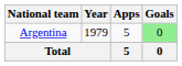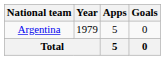 <table class="wikitable" style="text-align:center">
 <tr>
 <th>National team</th>
 <th>Year</th>
 <th>Apps</th>
 <th>Goals</th>
 </tr>
 <tr>
 <td rowspan="1"><a href='#'>Argentina</a></td>
 <td>1979</td>
 <td>5</td>
-<td style="background: lightgreen;">0</td>
+<td>0</td>
 </tr>
 <tr>
 <th colspan=2>Total</th>
 <th>5</th>
 <th>0</th>
 </tr>
 </table>
